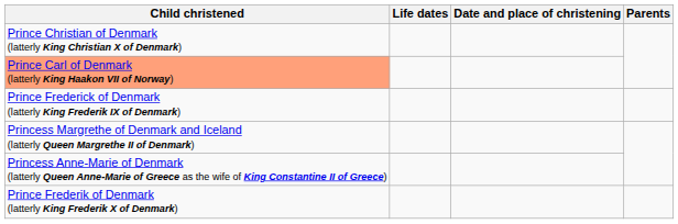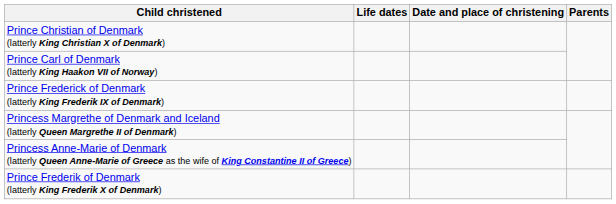 <table class="wikitable">
 <tr>
 <th>Child christened</th>
 <th>Life dates</th>
 <th>Date and place of christening</th>
 <th>Parents</th>
 </tr>
 <tr>
 <td><a href='#'>Prince Christian of Denmark</a><br><small>(latterly <strong><em>King Christian X of Denmark</em></strong>)</small></td>
 <td></td>
 <td></td>
 <td rowspan="2"></td>
 </tr>
 <tr>
-<td style="background: lightsalmon;"><a href='#'>Prince Carl of Denmark</a><br><small>(latterly <strong><em>King Haakon VII of Norway</em></strong>)</small></td>
+<td><a href='#'>Prince Carl of Denmark</a><br><small>(latterly <strong><em>King Haakon VII of Norway</em></strong>)</small></td>
 <td></td>
 <td></td>
 </tr>
 <tr>
 <td><a href='#'>Prince Frederick of Denmark</a><br><small>(latterly <strong><em>King Frederik IX of Denmark</em></strong>)</small></td>
 <td></td>
 <td></td>
 <td></td>
 </tr>
 <tr>
 <td><a href='#'>Princess Margrethe of Denmark and Iceland</a><br><small>(latterly <strong><em>Queen Margrethe II of Denmark</em></strong>)</small></td>
 <td></td>
 <td></td>
 <td rowspan="2"></td>
 </tr>
 <tr>
 <td><a href='#'>Princess Anne-Marie of Denmark</a><br><small>(latterly <strong><em>Queen Anne-Marie of Greece</em></strong> as the wife of <strong><em><a href='#'>King Constantine II of Greece</a></em></strong>)</small></td>
 <td></td>
 <td></td>
 </tr>
 <tr>
 <td><a href='#'>Prince Frederik of Denmark</a><br><small>(latterly <strong><em>King Frederik X of Denmark</em></strong>)</small></td>
 <td></td>
 <td></td>
 <td></td>
 </tr>
 </table>
